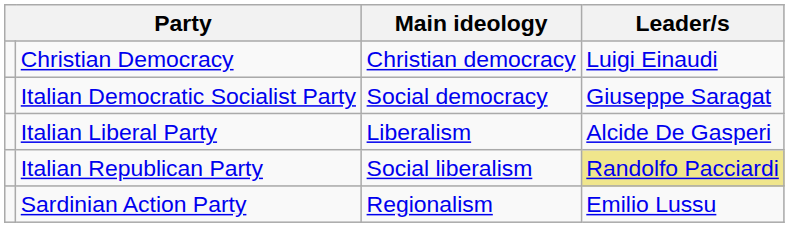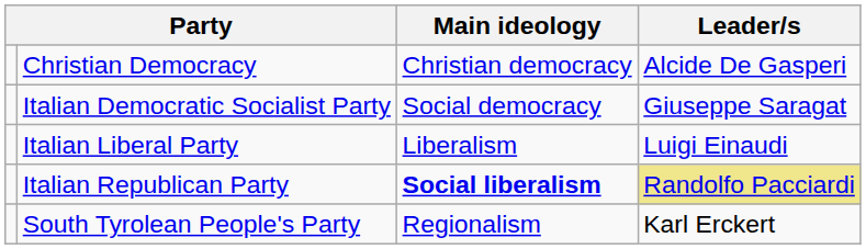 <table class="wikitable" style="font-size:95%">
 <tr>
 <th colspan=2>Party</th>
 <th>Main ideology</th>
 <th>Leader/s</th>
 </tr>
 <tr>
 <td></td>
 <td><a href='#'>Christian Democracy</a></td>
 <td><a href='#'>Christian democracy</a></td>
-<td><a href='#'>Luigi Einaudi</a></td>
+<td><a href='#'>Alcide De Gasperi</a></td>
 </tr>
 <tr>
 <td></td>
 <td><a href='#'>Italian Democratic Socialist Party</a></td>
 <td><a href='#'>Social democracy</a></td>
 <td><a href='#'>Giuseppe Saragat</a></td>
 </tr>
 <tr>
 <td></td>
 <td><a href='#'>Italian Liberal Party</a></td>
 <td><a href='#'>Liberalism</a></td>
-<td><a href='#'>Alcide De Gasperi</a></td>
+<td><a href='#'>Luigi Einaudi</a></td>
 </tr>
 <tr>
 <td></td>
 <td><a href='#'>Italian Republican Party</a></td>
-<td><a href='#'>Social liberalism</a></td>
+<td><strong><a href='#'>Social liberalism</a></strong></td>
 <td style="background: khaki;"><a href='#'>Randolfo Pacciardi</a></td>
 </tr>
 <tr>
 <td></td>
-<td><a href='#'>Sardinian Action Party</a></td>
+<td><a href='#'>South Tyrolean People's Party</a></td>
 <td><a href='#'>Regionalism</a></td>
-<td><a href='#'>Emilio Lussu</a></td>
+<td>Karl Erckert</td>
 </tr>
 </table>
